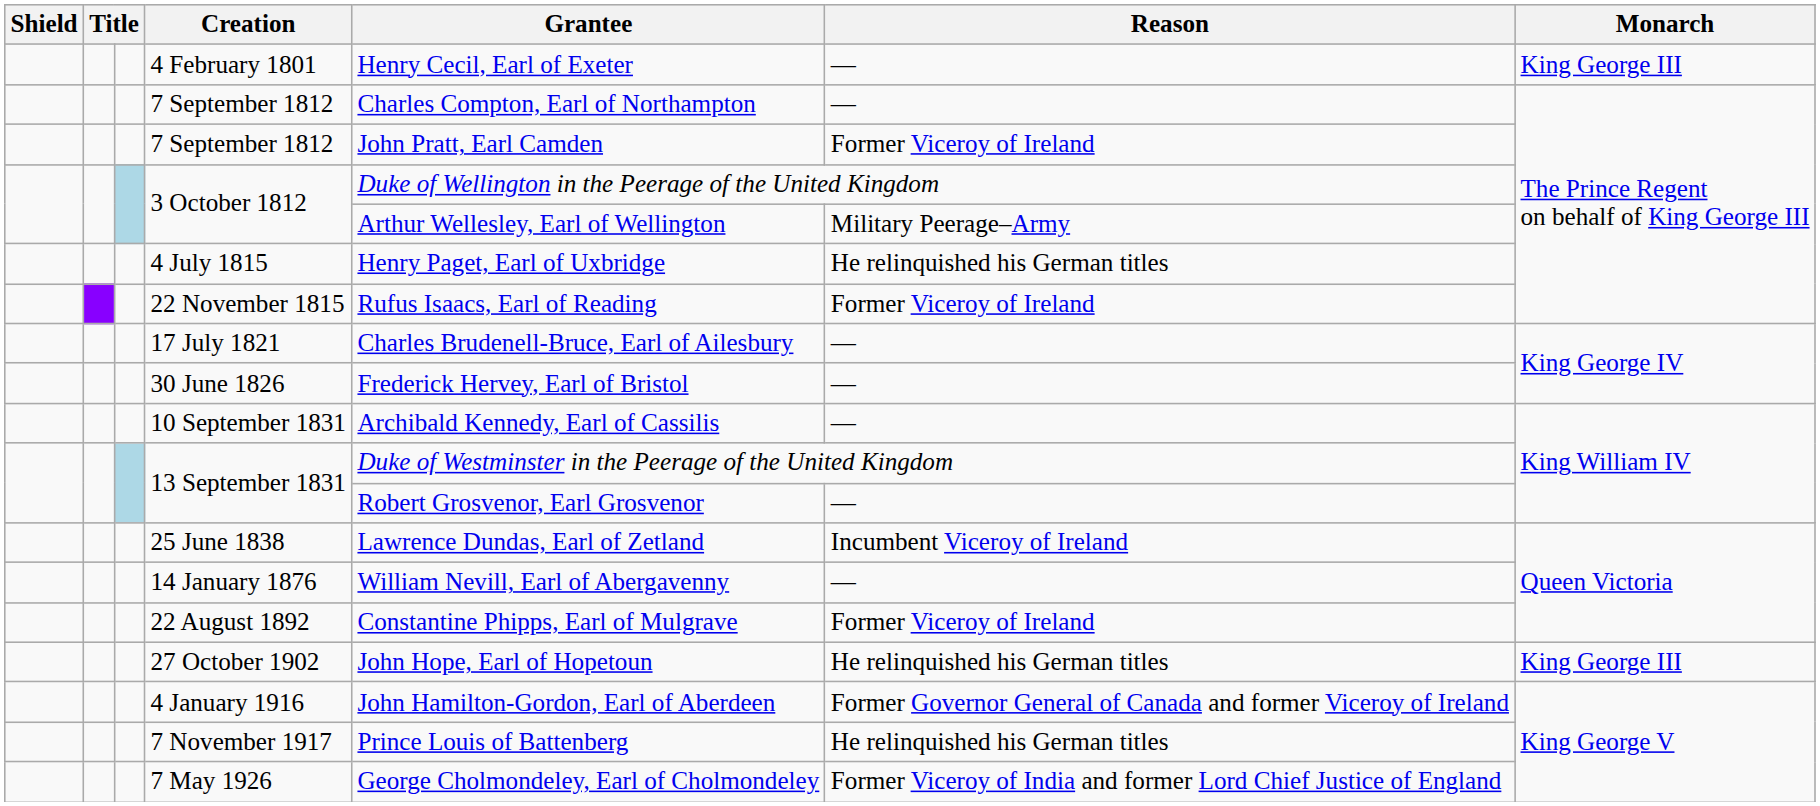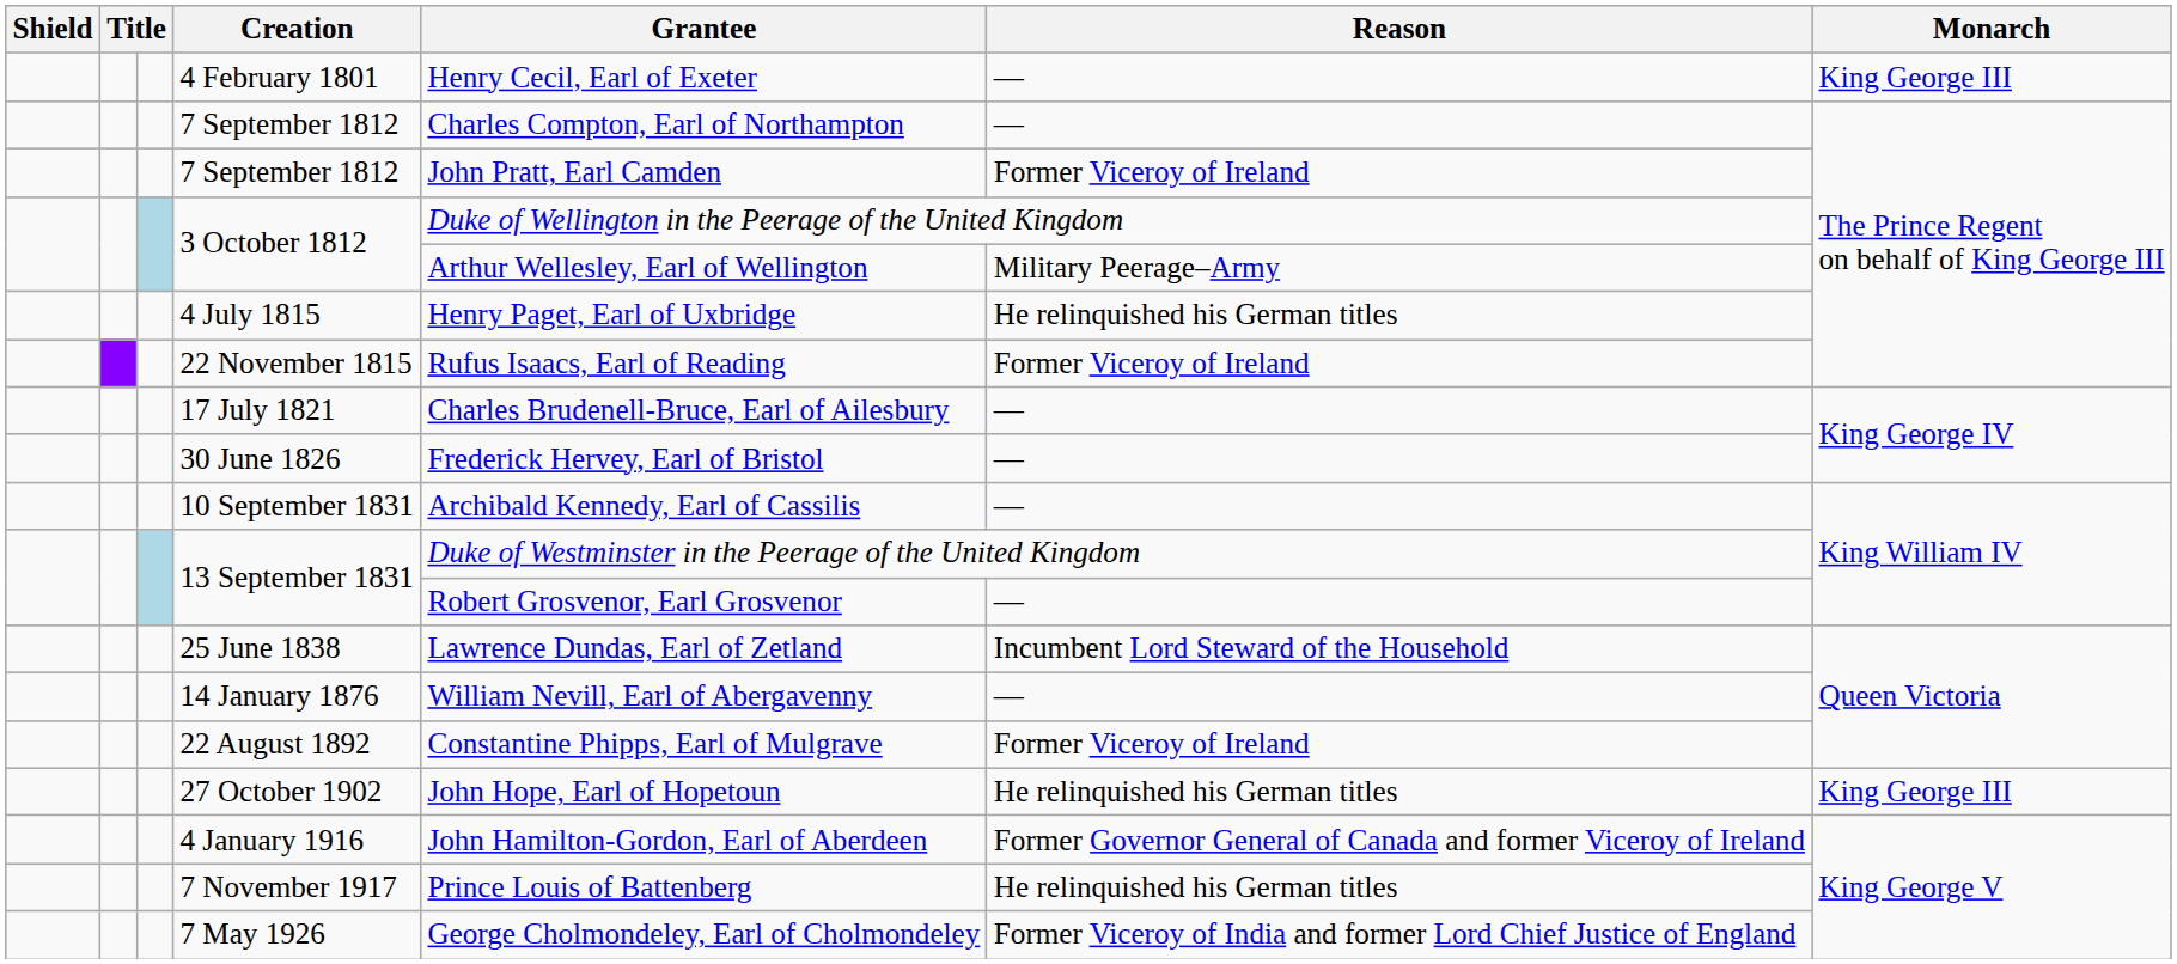 <table class="wikitable sortable">
 <tr>
 <th>Shield</th>
 <th colspan=2>Title</th>
 <th>Creation</th>
 <th>Grantee</th>
 <th>Reason</th>
 <th>Monarch</th>
 </tr>
 <tr>
 <td align=center></td>
 <td style="background-color:"></td>
 <td></td>
 <td>4 February 1801</td>
 <td> <a href='#'>Henry Cecil, Earl of Exeter</a></td>
 <td>—</td>
 <td><a href='#'>King George III</a></td>
 </tr>
 <tr>
 <td align=center></td>
 <td style="background-color:"></td>
 <td></td>
 <td>7 September 1812</td>
 <td> <a href='#'>Charles Compton, Earl of Northampton</a></td>
 <td>—</td>
 <td rowspan=6><a href='#'>The Prince Regent</a><br>on behalf of <a href='#'>King George III</a></td>
 </tr>
 <tr>
 <td align=center></td>
 <td style="background-color:"></td>
 <td data-sort-value="Marquess of Camden"></td>
 <td>7 September 1812</td>
 <td> <a href='#'>John Pratt, Earl Camden</a></td>
 <td>Former <a href='#'>Viceroy of Ireland</a></td>
 </tr>
 <tr>
 <td rowspan=2 align=center></td>
 <td rowspan=2 style="background-color:"></td>
 <td style="background:#ADD8E6" rowspan=2></td>
 <td rowspan=2>3 October 1812</td>
 <td colspan=2><em><a href='#'>Duke of Wellington</a> in the Peerage of the United Kingdom</em></td>
 </tr>
 <tr>
 <td> <a href='#'>Arthur Wellesley, Earl of Wellington</a></td>
 <td>Military Peerage–<a href='#'>Army</a></td>
 </tr>
 <tr>
 <td align=center></td>
 <td style="background-color:"></td>
 <td></td>
 <td>4 July 1815</td>
 <td> <a href='#'>Henry Paget, Earl of Uxbridge</a></td>
 <td>He relinquished his German titles</td>
 </tr>
 <tr>
 <td align=center></td>
 <td style="background-color:#8800FF"></td>
 <td></td>
 <td>22 November 1815</td>
 <td> <a href='#'>Rufus Isaacs, Earl of Reading</a></td>
 <td>Former <a href='#'>Viceroy of Ireland</a></td>
 </tr>
 <tr>
 <td align=center></td>
 <td style="background-color:"></td>
 <td></td>
 <td>17 July 1821</td>
 <td> <a href='#'>Charles Brudenell-Bruce, Earl of Ailesbury</a></td>
 <td>—</td>
 <td rowspan=2><a href='#'>King George IV</a></td>
 </tr>
 <tr>
 <td align=center></td>
 <td style="background-color:"></td>
 <td></td>
 <td>30 June 1826</td>
 <td> <a href='#'>Frederick Hervey, Earl of Bristol</a></td>
 <td>—</td>
 </tr>
 <tr>
 <td align=center></td>
 <td style="background-color:"></td>
 <td></td>
 <td>10 September 1831</td>
 <td> <a href='#'>Archibald Kennedy, Earl of Cassilis</a></td>
 <td>—</td>
 <td rowspan=3><a href='#'>King William IV</a></td>
 </tr>
 <tr>
 <td rowspan=2 align=center></td>
 <td rowspan=2 style="background-color:"></td>
 <td style="background:#ADD8E6" rowspan=2></td>
 <td rowspan=2>13 September 1831</td>
 <td colspan=2><em><a href='#'>Duke of Westminster</a> in the Peerage of the United Kingdom</em></td>
 </tr>
 <tr>
 <td> <a href='#'>Robert Grosvenor, Earl Grosvenor</a></td>
 <td>—</td>
 </tr>
 <tr>
 <td align=center></td>
 <td style="background-color:"></td>
 <td></td>
 <td>25 June 1838</td>
 <td> <a href='#'>Lawrence Dundas, Earl of Zetland</a></td>
-<td>Incumbent <a href='#'>Viceroy of Ireland</a></td>
+<td>Incumbent <a href='#'>Lord Steward of the Household</a></td>
 <td rowspan=3><a href='#'>Queen Victoria</a></td>
 </tr>
 <tr>
 <td align=center></td>
 <td style="background-color:"></td>
 <td></td>
 <td>14 January 1876</td>
 <td> <a href='#'>William Nevill, Earl of Abergavenny</a></td>
 <td>—</td>
 </tr>
 <tr>
 <td align=center></td>
 <td style="background-color:"></td>
 <td></td>
 <td>22 August 1892</td>
 <td> <a href='#'>Constantine Phipps, Earl of Mulgrave</a></td>
 <td>Former <a href='#'>Viceroy of Ireland</a></td>
 </tr>
 <tr>
 <td align=center></td>
 <td style="background-color:"></td>
 <td></td>
 <td>27 October 1902</td>
 <td> <a href='#'>John Hope, Earl of Hopetoun</a></td>
 <td>He relinquished his German titles</td>
 <td><a href='#'>King George III</a></td>
 </tr>
 <tr>
 <td align=center></td>
 <td style="background-color:"></td>
 <td></td>
 <td>4 January 1916</td>
 <td> <a href='#'>John Hamilton-Gordon, Earl of Aberdeen</a></td>
 <td>Former <a href='#'>Governor General of Canada</a> and former <a href='#'>Viceroy of Ireland</a></td>
 <td rowspan=3><a href='#'>King George V</a></td>
 </tr>
 <tr>
 <td align=center></td>
 <td style="background-color:"></td>
 <td></td>
 <td>7 November 1917</td>
 <td> <a href='#'>Prince Louis of Battenberg</a></td>
 <td>He relinquished his German titles</td>
 </tr>
 <tr>
 <td align=center></td>
 <td style="background-color:"></td>
 <td></td>
 <td>7 May 1926</td>
 <td> <a href='#'>George Cholmondeley, Earl of Cholmondeley</a></td>
 <td>Former <a href='#'>Viceroy of India</a> and former <a href='#'>Lord Chief Justice of England</a></td>
 </tr>
 </table>
